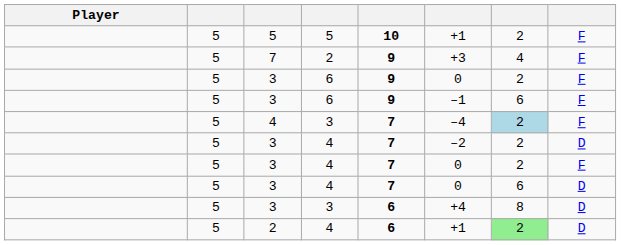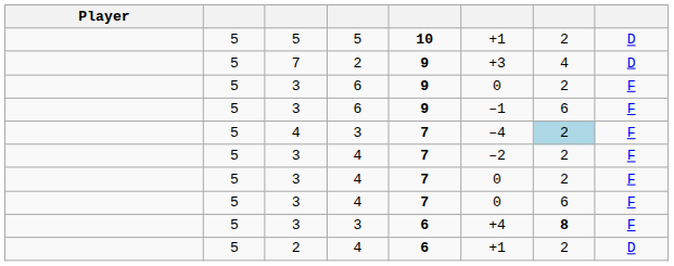 <table class="wikitable sortable" style="text-align:center;">
 <tr>
 <th width="175px">Player</th>
 <th width="50px"></th>
 <th width="50px"></th>
 <th width="50px"></th>
 <th width="60px"></th>
 <th width="60px"></th>
 <th width="50px"></th>
 <th width="60px"></th>
 </tr>
 <tr>
 <td align="left"> </td>
 <td>5</td>
 <td>5</td>
 <td>5</td>
 <td><strong>10</strong></td>
 <td>+1</td>
 <td>2</td>
-<td><a href='#'>F</a></td>
+<td><a href='#'>D</a></td>
 </tr>
 <tr>
 <td align="left"> </td>
 <td>5</td>
 <td>7</td>
 <td>2</td>
 <td><strong>9</strong></td>
 <td>+3</td>
 <td>4</td>
-<td><a href='#'>F</a></td>
+<td><a href='#'>D</a></td>
 </tr>
 <tr>
 <td align="left"> </td>
 <td>5</td>
 <td>3</td>
 <td>6</td>
 <td><strong>9</strong></td>
 <td>0</td>
 <td>2</td>
 <td><a href='#'>F</a></td>
 </tr>
 <tr>
 <td align="left"> </td>
 <td>5</td>
 <td>3</td>
 <td>6</td>
 <td><strong>9</strong></td>
 <td>–1</td>
 <td>6</td>
 <td><a href='#'>F</a></td>
 </tr>
 <tr>
 <td align="left"> </td>
 <td>5</td>
 <td>4</td>
 <td>3</td>
 <td><strong>7</strong></td>
 <td>–4</td>
 <td style="background: lightblue;">2</td>
 <td><a href='#'>F</a></td>
 </tr>
 <tr>
 <td align="left"> </td>
 <td>5</td>
 <td>3</td>
 <td>4</td>
 <td><strong>7</strong></td>
 <td>–2</td>
 <td>2</td>
-<td><a href='#'>D</a></td>
+<td><a href='#'>F</a></td>
 </tr>
 <tr>
 <td align="left"> </td>
 <td>5</td>
 <td>3</td>
 <td>4</td>
 <td><strong>7</strong></td>
 <td>0</td>
 <td>2</td>
 <td><a href='#'>F</a></td>
 </tr>
 <tr>
 <td align="left"> </td>
 <td>5</td>
 <td>3</td>
 <td>4</td>
 <td><strong>7</strong></td>
 <td>0</td>
 <td>6</td>
-<td><a href='#'>D</a></td>
+<td><a href='#'>F</a></td>
 </tr>
 <tr>
 <td align="left"> </td>
 <td>5</td>
 <td>3</td>
 <td>3</td>
 <td><strong>6</strong></td>
 <td>+4</td>
-<td>8</td>
-<td><a href='#'>D</a></td>
+<td><strong>8</strong></td>
+<td><a href='#'>F</a></td>
 </tr>
 <tr>
 <td align="left"> </td>
 <td>5</td>
 <td>2</td>
 <td>4</td>
 <td><strong>6</strong></td>
 <td>+1</td>
-<td style="background: lightgreen;">2</td>
+<td>2</td>
 <td><a href='#'>D</a></td>
 </tr>
 </table>
